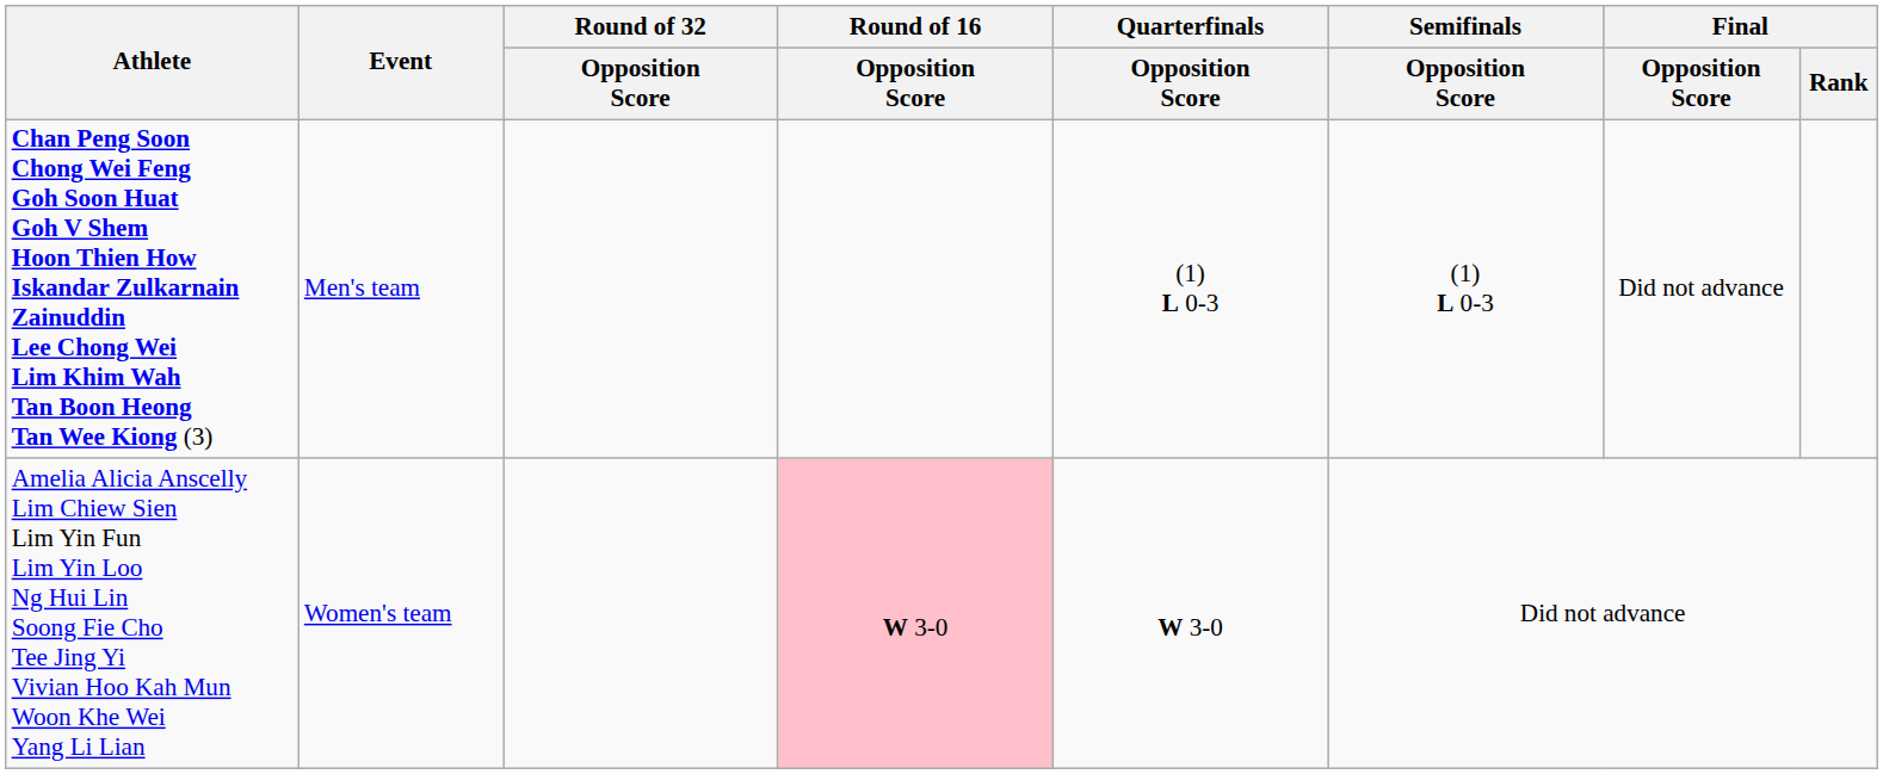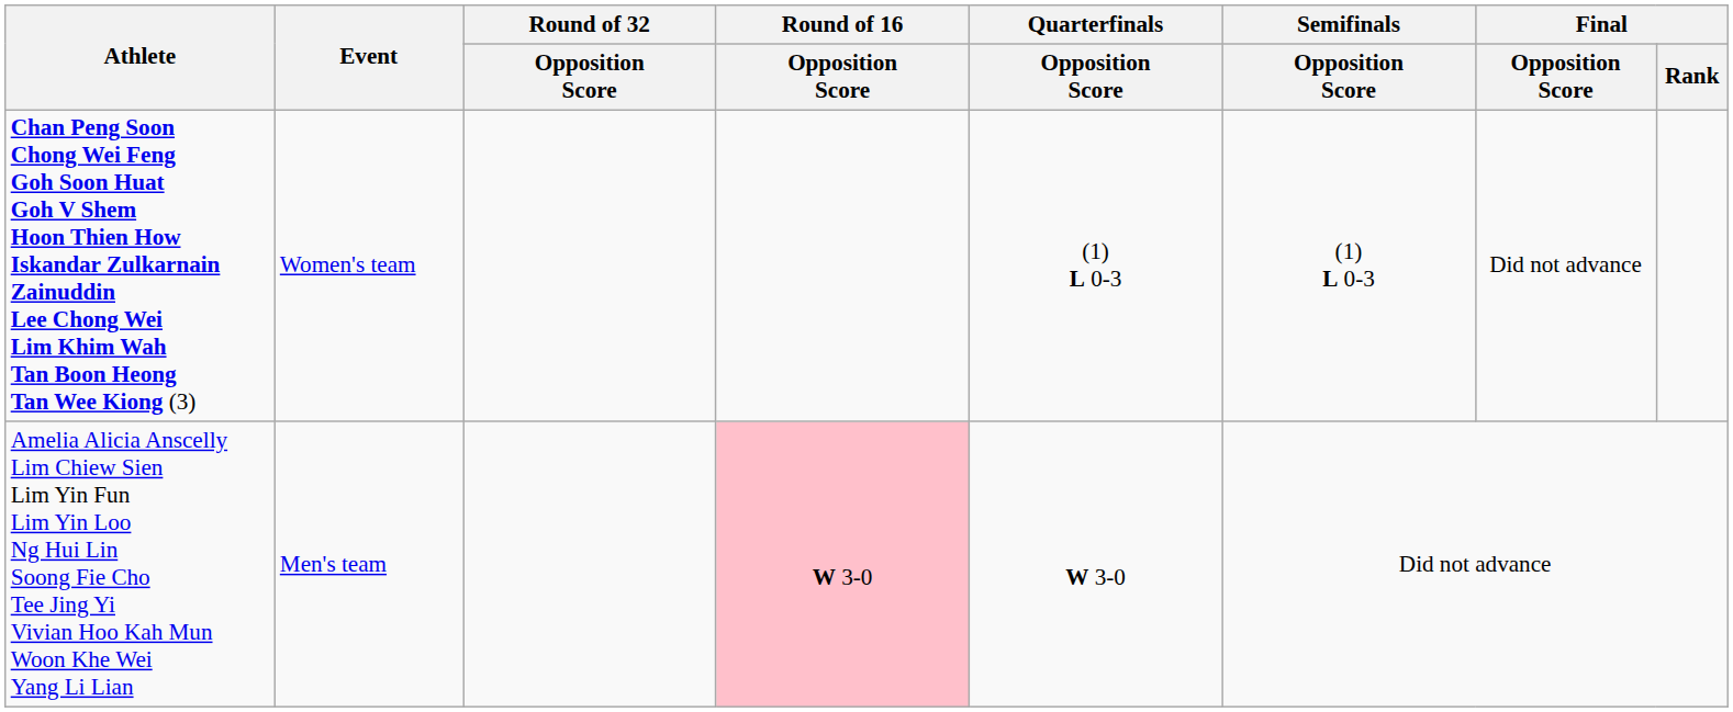 <table class=wikitable style="font-size:90%; text-align:center">
 <tr>
 <th width="160" rowspan="2">Athlete</th>
 <th width="110" rowspan="2">Event</th>
 <th width="150">Round of 32</th>
 <th width="150">Round of 16</th>
 <th width="150">Quarterfinals</th>
 <th width="150">Semifinals</th>
 <th width="150" colspan="2">Final</th>
 </tr>
 <tr>
 <th>Opposition<br>Score</th>
 <th>Opposition<br>Score</th>
 <th>Opposition<br>Score</th>
 <th>Opposition<br>Score</th>
 <th>Opposition<br>Score</th>
 <th>Rank</th>
 </tr>
 <tr>
 <td align=left><strong><a href='#'>Chan Peng Soon</a><br><a href='#'>Chong Wei Feng</a><br><a href='#'>Goh Soon Huat</a><br><a href='#'>Goh V Shem</a><br><a href='#'>Hoon Thien How</a><br><a href='#'>Iskandar Zulkarnain Zainuddin</a><br><a href='#'>Lee Chong Wei</a><br><a href='#'>Lim Khim Wah</a><br><a href='#'>Tan Boon Heong</a><br><a href='#'>Tan Wee Kiong</a></strong> (3)</td>
-<td align=left><a href='#'>Men's team</a></td>
+<td align=left><a href='#'>Women's team</a></td>
 <td></td>
 <td></td>
 <td> (1) <br> <strong>L</strong> 0-3</td>
 <td>(1)<br> <strong>L</strong> 0-3</td>
 <td>Did not advance</td>
 <td></td>
 </tr>
 <tr>
 <td align=left><a href='#'>Amelia Alicia Anscelly</a><br><a href='#'>Lim Chiew Sien</a><br>Lim Yin Fun<br><a href='#'>Lim Yin Loo</a><br><a href='#'>Ng Hui Lin</a><br><a href='#'>Soong Fie Cho</a><br><a href='#'>Tee Jing Yi</a><br><a href='#'>Vivian Hoo Kah Mun</a><br><a href='#'>Woon Khe Wei</a><br><a href='#'>Yang Li Lian</a></td>
-<td align=left><a href='#'>Women's team</a></td>
+<td align=left><a href='#'>Men's team</a></td>
 <td></td>
 <td style="background: pink;"> <br> <strong>W</strong> 3-0</td>
 <td><br> <strong>W</strong> 3-0</td>
 <td colspan=3 align=center>Did not advance</td>
 </tr>
 </table>
